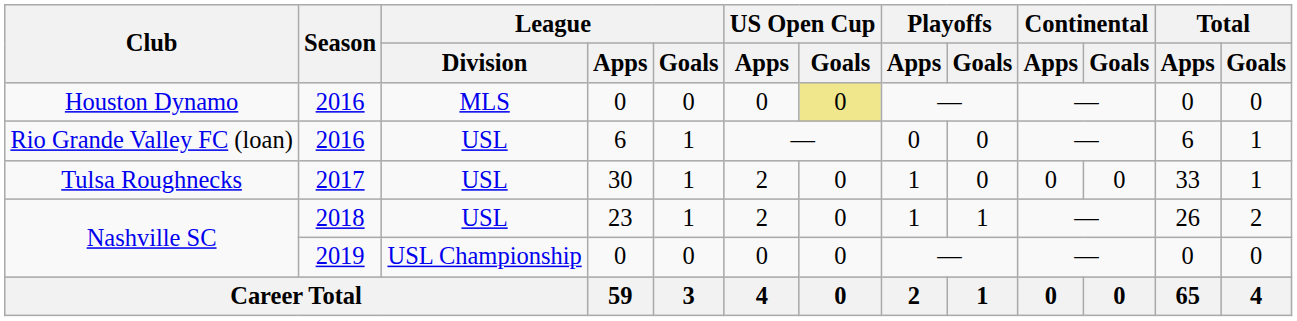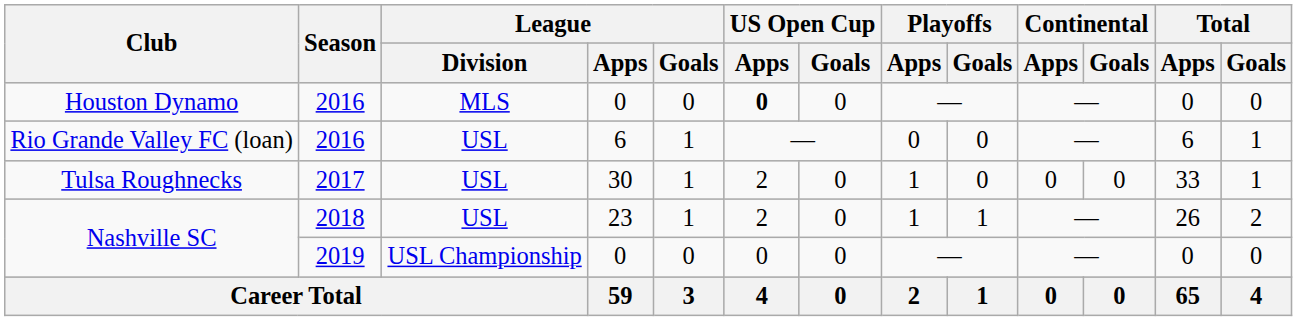 <table class="wikitable" style="text-align:center">
 <tr>
 <th rowspan="2">Club</th>
 <th rowspan="2">Season</th>
 <th colspan="3">League</th>
 <th colspan="2">US Open Cup</th>
 <th colspan="2">Playoffs</th>
 <th colspan="2">Continental</th>
 <th colspan="2">Total</th>
 </tr>
 <tr>
 <th>Division</th>
 <th>Apps</th>
 <th>Goals</th>
 <th>Apps</th>
 <th>Goals</th>
 <th>Apps</th>
 <th>Goals</th>
 <th>Apps</th>
 <th>Goals</th>
 <th>Apps</th>
 <th>Goals</th>
 </tr>
 <tr>
 <td><a href='#'>Houston Dynamo</a></td>
 <td><a href='#'>2016</a></td>
 <td><a href='#'>MLS</a></td>
 <td>0</td>
 <td>0</td>
+<td><strong>0</strong></td>
 <td>0</td>
-<td style="background: khaki;">0</td>
 <td colspan="2">—</td>
 <td colspan="2">—</td>
 <td>0</td>
 <td>0</td>
 </tr>
 <tr>
 <td><a href='#'>Rio Grande Valley FC</a> (loan)</td>
 <td><a href='#'>2016</a></td>
 <td><a href='#'>USL</a></td>
 <td>6</td>
 <td>1</td>
 <td colspan="2">—</td>
 <td>0</td>
 <td>0</td>
 <td colspan="2">—</td>
 <td>6</td>
 <td>1</td>
 </tr>
 <tr>
 <td><a href='#'>Tulsa Roughnecks</a></td>
 <td><a href='#'>2017</a></td>
 <td><a href='#'>USL</a></td>
 <td>30</td>
 <td>1</td>
 <td>2</td>
 <td>0</td>
 <td>1</td>
 <td>0</td>
 <td>0</td>
 <td>0</td>
 <td>33</td>
 <td>1</td>
 </tr>
 <tr>
 <td rowspan="2"><a href='#'>Nashville SC</a></td>
 <td><a href='#'>2018</a></td>
 <td><a href='#'>USL</a></td>
 <td>23</td>
 <td>1</td>
 <td>2</td>
 <td>0</td>
 <td>1</td>
 <td>1</td>
 <td colspan="2">—</td>
 <td>26</td>
 <td>2</td>
 </tr>
 <tr>
 <td><a href='#'>2019</a></td>
 <td><a href='#'>USL Championship</a></td>
 <td>0</td>
 <td>0</td>
 <td>0</td>
 <td>0</td>
 <td colspan="2">—</td>
 <td colspan="2">—</td>
 <td>0</td>
 <td>0</td>
 </tr>
 <tr>
 <th colspan="3">Career Total</th>
 <th>59</th>
 <th>3</th>
 <th>4</th>
 <th>0</th>
 <th>2</th>
 <th>1</th>
 <th>0</th>
 <th>0</th>
 <th>65</th>
 <th>4</th>
 </tr>
 </table>
